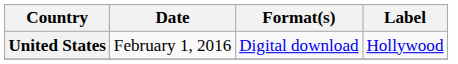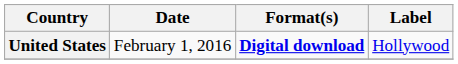 <table class="wikitable plainrowheaders">
 <tr>
 <th scope="col">Country</th>
 <th scope="col">Date</th>
 <th scope="col">Format(s)</th>
 <th scope="col">Label</th>
 </tr>
 <tr>
 <th scope="row">United States</th>
 <td>February 1, 2016</td>
-<td><a href='#'>Digital download</a></td>
+<td><strong><a href='#'>Digital download</a></strong></td>
 <td><a href='#'>Hollywood</a></td>
 </tr>
 <tr>
 </tr>
 </table>
